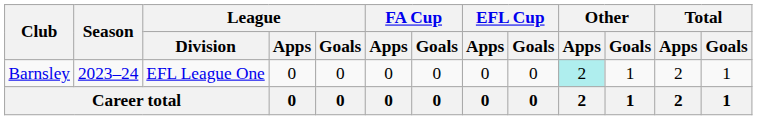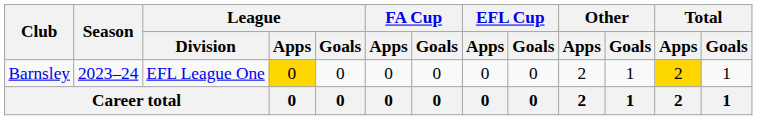 <table class="wikitable" style="text-align:center;">
 <tr>
 <th rowspan="2">Club</th>
 <th rowspan="2">Season</th>
 <th colspan="3">League</th>
 <th colspan="2"><a href='#'>FA Cup</a></th>
 <th colspan="2"><a href='#'>EFL Cup</a></th>
 <th colspan="2">Other</th>
 <th colspan="2">Total</th>
 </tr>
 <tr>
 <th>Division</th>
 <th>Apps</th>
 <th>Goals</th>
 <th>Apps</th>
 <th>Goals</th>
 <th>Apps</th>
 <th>Goals</th>
 <th>Apps</th>
 <th>Goals</th>
 <th>Apps</th>
 <th>Goals</th>
 </tr>
 <tr>
 <td><a href='#'>Barnsley</a></td>
 <td><a href='#'>2023–24</a></td>
 <td><a href='#'>EFL League One</a></td>
+<td style="background: gold;">0</td>
 <td>0</td>
 <td>0</td>
 <td>0</td>
 <td>0</td>
 <td>0</td>
-<td>0</td>
-<td style="background: paleturquoise;">2</td>
+<td>2</td>
 <td>1</td>
-<td>2</td>
+<td style="background: gold;">2</td>
 <td>1</td>
 </tr>
 <tr>
 <th colspan="3">Career total</th>
 <th>0</th>
 <th>0</th>
 <th>0</th>
 <th>0</th>
 <th>0</th>
 <th>0</th>
 <th>2</th>
 <th>1</th>
 <th>2</th>
 <th>1</th>
 </tr>
 </table>
